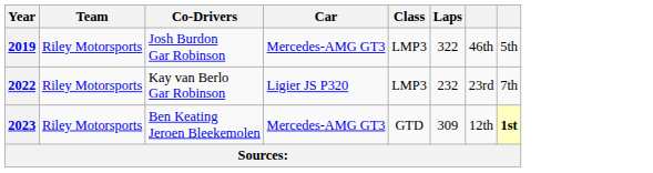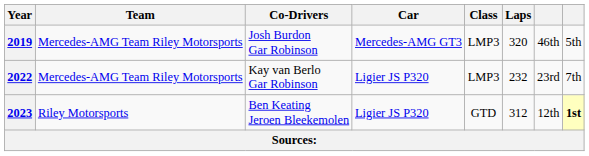 <table class="wikitable" style="text-align:center; font-size:90%">
 <tr>
 <th>Year</th>
 <th>Team</th>
 <th>Co-Drivers</th>
 <th>Car</th>
 <th>Class</th>
 <th>Laps</th>
 <th></th>
 <th></th>
 </tr>
 <tr>
 <th><a href='#'>2019</a></th>
-<td align="left"> <a href='#'>Riley Motorsports</a></td>
+<td align="left"> <a href='#'>Mercedes-AMG Team Riley Motorsports</a></td>
 <td align="left"> <a href='#'>Josh Burdon</a><br> <a href='#'>Gar Robinson</a></td>
 <td align="left"><a href='#'>Mercedes-AMG GT3</a></td>
 <td>LMP3</td>
-<td>322</td>
+<td>320</td>
 <td>46th</td>
 <td>5th</td>
 </tr>
 <tr>
 <th><a href='#'>2022</a></th>
-<td align="left"> <a href='#'>Riley Motorsports</a></td>
+<td align="left"> <a href='#'>Mercedes-AMG Team Riley Motorsports</a></td>
 <td align="left"> Kay van Berlo<br> <a href='#'>Gar Robinson</a></td>
 <td align="left"><a href='#'>Ligier JS P320</a></td>
 <td>LMP3</td>
 <td>232</td>
 <td>23rd</td>
 <td>7th</td>
 </tr>
 <tr>
 <th><a href='#'>2023</a></th>
 <td align="left"> <a href='#'>Riley Motorsports</a></td>
 <td align="left"> <a href='#'>Ben Keating</a><br> <a href='#'>Jeroen Bleekemolen</a></td>
-<td align="left"><a href='#'>Mercedes-AMG GT3</a></td>
+<td align="left"><a href='#'>Ligier JS P320</a></td>
 <td>GTD</td>
-<td>309</td>
+<td>312</td>
 <td>12th</td>
 <td style="background:#FFFFBF;”"><strong>1st</strong></td>
 </tr>
 <tr>
 <th colspan="8">Sources:</th>
 </tr>
 </table>
